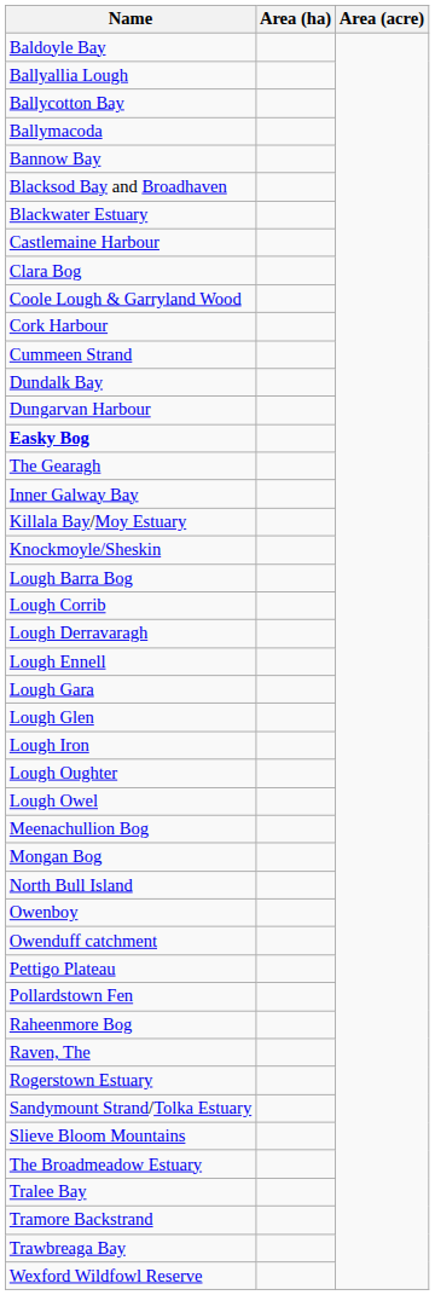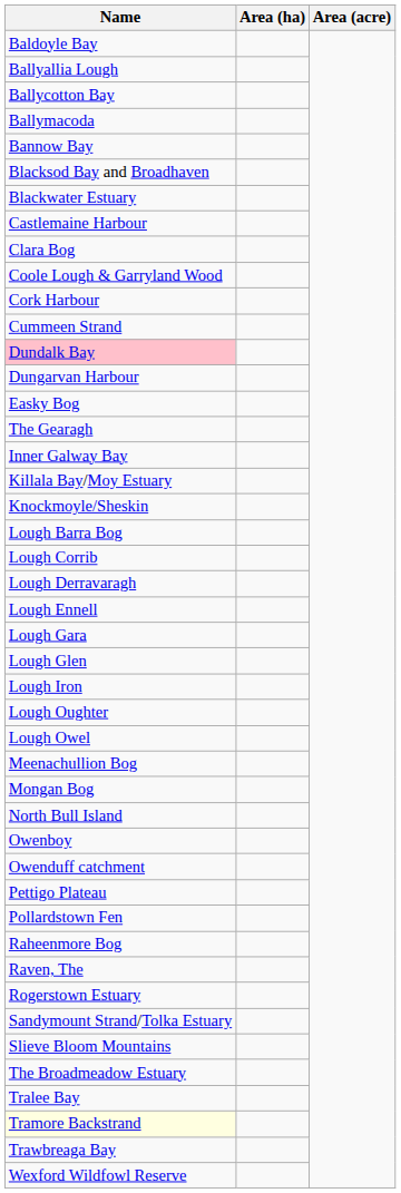 <table class="wikitable">
 <tr>
 <th scope="col" align=left>Name</th>
 <th scope="col">Area (ha)</th>
 <th scope="col">Area (acre)</th>
 </tr>
 <tr ---->
 <td><a href='#'>Baldoyle Bay</a></td>
 <td></td>
 </tr>
 <tr ---->
 <td><a href='#'>Ballyallia Lough</a></td>
 <td></td>
 </tr>
 <tr ---->
 <td><a href='#'>Ballycotton Bay</a></td>
 <td></td>
 </tr>
 <tr ---->
 <td><a href='#'>Ballymacoda</a></td>
 <td></td>
 </tr>
 <tr ---->
 <td><a href='#'>Bannow Bay</a></td>
 <td></td>
 </tr>
 <tr ---->
 <td><a href='#'>Blacksod Bay</a> and <a href='#'>Broadhaven</a></td>
 <td></td>
 </tr>
 <tr ---->
 <td><a href='#'>Blackwater Estuary</a></td>
 <td></td>
 </tr>
 <tr ---->
 <td><a href='#'>Castlemaine Harbour</a></td>
 <td></td>
 </tr>
 <tr ---->
 <td><a href='#'>Clara Bog</a></td>
 <td></td>
 </tr>
 <tr ---->
 <td><a href='#'>Coole Lough & Garryland Wood</a></td>
 <td></td>
 </tr>
 <tr ---->
 <td><a href='#'>Cork Harbour</a></td>
 <td></td>
 </tr>
 <tr ---->
 <td><a href='#'>Cummeen Strand</a></td>
 <td></td>
 </tr>
 <tr ---->
-<td><a href='#'>Dundalk Bay</a></td>
+<td style="background: pink;"><a href='#'>Dundalk Bay</a></td>
 <td></td>
 </tr>
 <tr ---->
 <td><a href='#'>Dungarvan Harbour</a></td>
 <td></td>
 </tr>
 <tr ---->
-<td><strong><a href='#'>Easky Bog</a></strong></td>
+<td><a href='#'>Easky Bog</a></td>
 <td></td>
 </tr>
 <tr ---->
 <td><a href='#'>The Gearagh</a></td>
 <td></td>
 </tr>
 <tr ---->
 <td><a href='#'>Inner Galway Bay</a></td>
 <td></td>
 </tr>
 <tr ---->
 <td><a href='#'>Killala Bay</a>/<a href='#'>Moy Estuary</a></td>
 <td></td>
 </tr>
 <tr ---->
 <td><a href='#'>Knockmoyle/Sheskin</a></td>
 <td></td>
 </tr>
 <tr ---->
 <td><a href='#'>Lough Barra Bog</a></td>
 <td></td>
 </tr>
 <tr ---->
 <td><a href='#'>Lough Corrib</a></td>
 <td></td>
 </tr>
 <tr ---->
 <td><a href='#'>Lough Derravaragh</a></td>
 <td></td>
 </tr>
 <tr ---->
 <td><a href='#'>Lough Ennell</a></td>
 <td></td>
 </tr>
 <tr ---->
 <td><a href='#'>Lough Gara</a></td>
 <td></td>
 </tr>
 <tr ---->
 <td><a href='#'>Lough Glen</a></td>
 <td></td>
 </tr>
 <tr ---->
 <td><a href='#'>Lough Iron</a></td>
 <td></td>
 </tr>
 <tr ---->
 <td><a href='#'>Lough Oughter</a></td>
 <td></td>
 </tr>
 <tr ---->
 <td><a href='#'>Lough Owel</a></td>
 <td></td>
 </tr>
 <tr ---->
 <td><a href='#'>Meenachullion Bog</a></td>
 <td></td>
 </tr>
 <tr ---->
 <td><a href='#'>Mongan Bog</a></td>
 <td></td>
 </tr>
 <tr ---->
 <td><a href='#'>North Bull Island</a></td>
 <td></td>
 </tr>
 <tr ---->
 <td><a href='#'>Owenboy</a></td>
 <td></td>
 </tr>
 <tr ---->
 <td><a href='#'>Owenduff catchment</a></td>
 <td></td>
 </tr>
 <tr ---->
 <td><a href='#'>Pettigo Plateau</a></td>
 <td></td>
 </tr>
 <tr ---->
 <td><a href='#'>Pollardstown Fen</a></td>
 <td></td>
 </tr>
 <tr ---->
 <td><a href='#'>Raheenmore Bog</a></td>
 <td></td>
 </tr>
 <tr ---->
 <td><a href='#'>Raven, The</a></td>
 <td></td>
 </tr>
 <tr ---->
 <td><a href='#'>Rogerstown Estuary</a></td>
 <td></td>
 </tr>
 <tr ---->
 <td><a href='#'>Sandymount Strand</a>/<a href='#'>Tolka Estuary</a></td>
 <td></td>
 </tr>
 <tr ---->
 <td><a href='#'>Slieve Bloom Mountains</a></td>
 <td></td>
 </tr>
 <tr ---->
 <td><a href='#'>The Broadmeadow Estuary</a></td>
 <td></td>
 </tr>
 <tr ---->
 <td><a href='#'>Tralee Bay</a></td>
 <td></td>
 </tr>
 <tr ---->
-<td><a href='#'>Tramore Backstrand</a></td>
+<td style="background: lightyellow;"><a href='#'>Tramore Backstrand</a></td>
 <td></td>
 </tr>
 <tr ---->
 <td><a href='#'>Trawbreaga Bay</a></td>
 <td></td>
 </tr>
 <tr ---->
 <td><a href='#'>Wexford Wildfowl Reserve</a></td>
 <td></td>
 </tr>
 </table>
